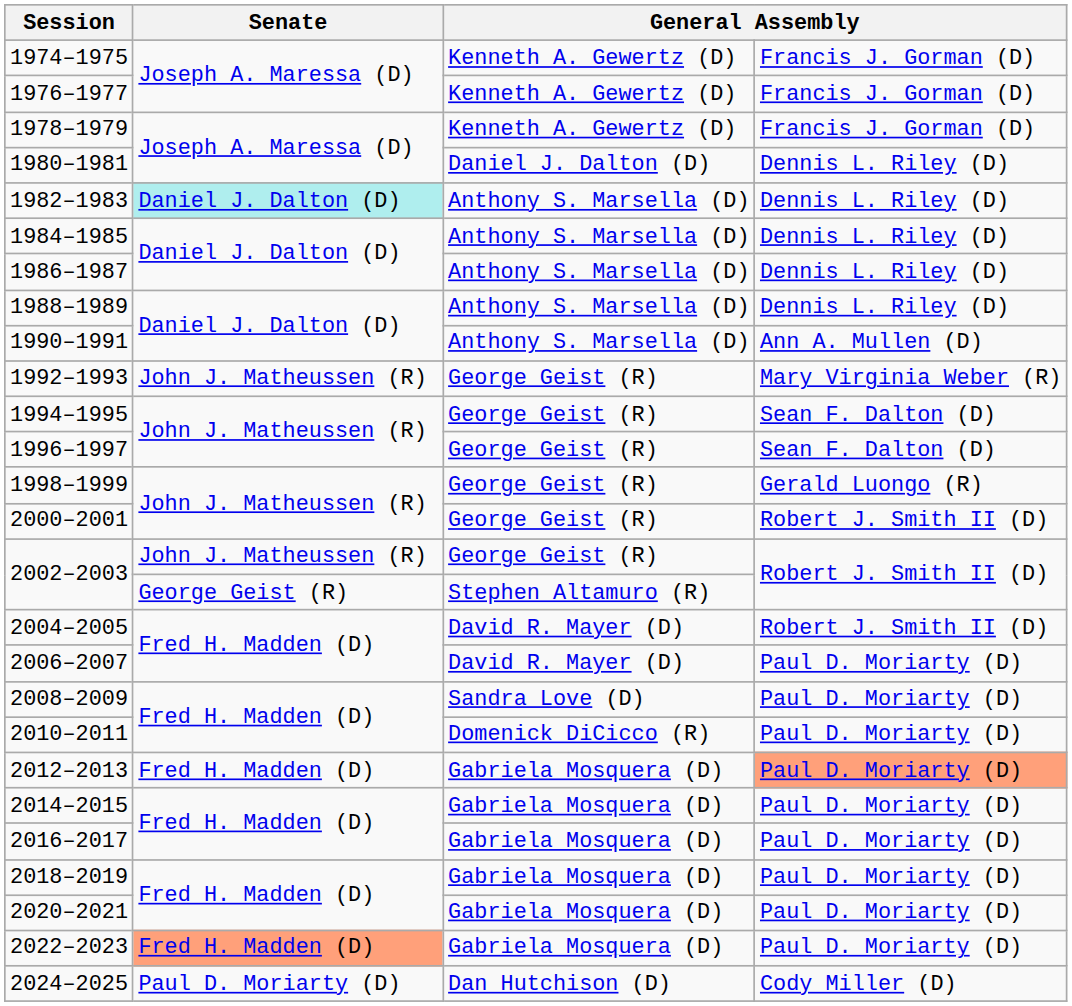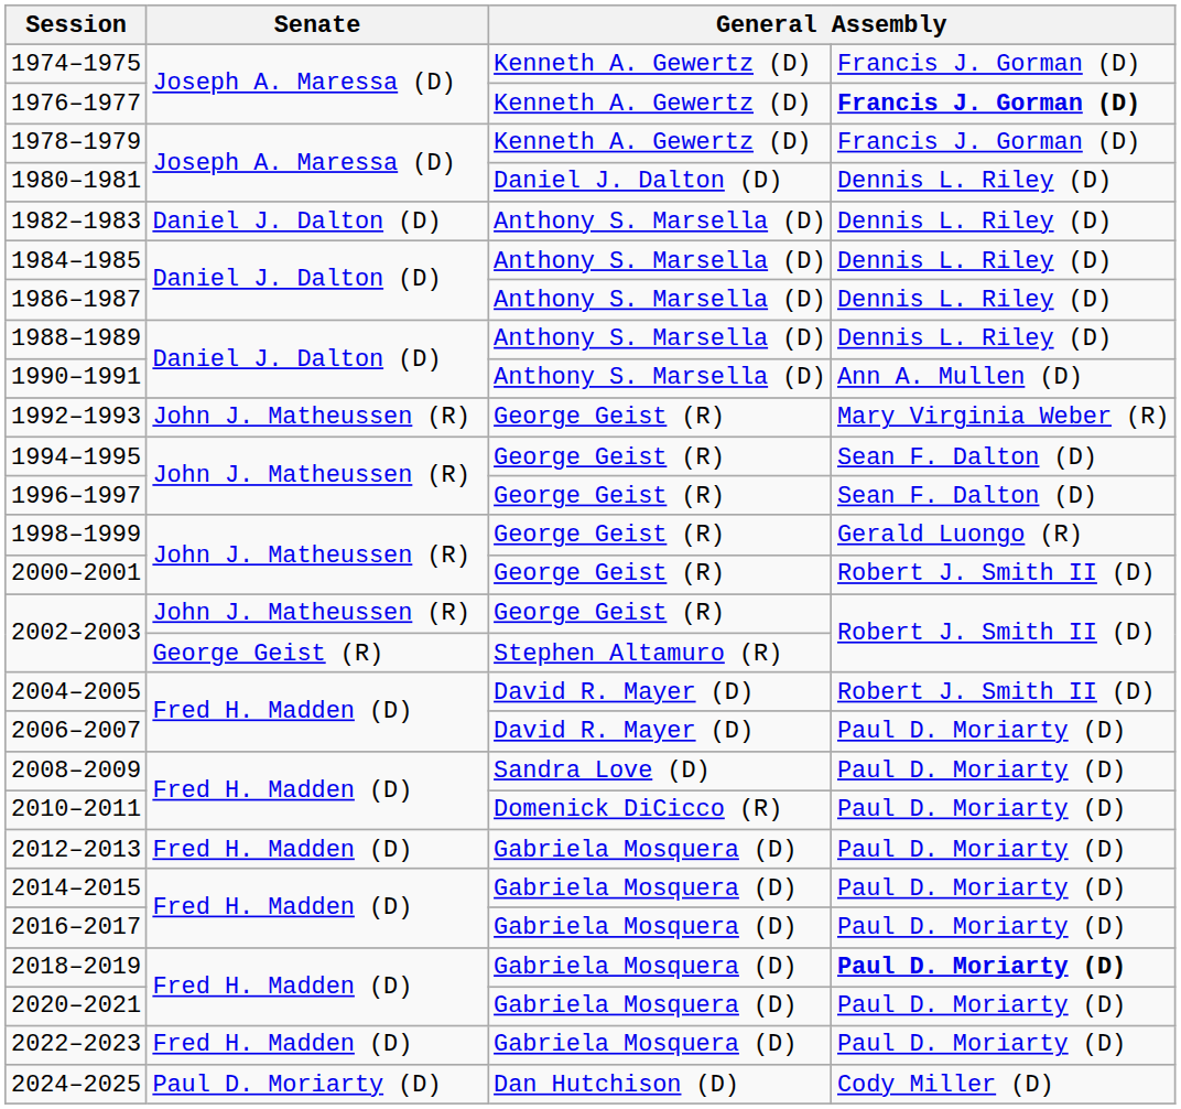 <table class="wikitable">
 <tr>
 <th>Session</th>
 <th>Senate</th>
 <th ! colspan=2>General Assembly</th>
 </tr>
 <tr>
 <td>1974–1975</td>
 <td rowspan=2 ><a href='#'>Joseph A. Maressa</a> (D)</td>
 <td><a href='#'>Kenneth A. Gewertz</a> (D)</td>
 <td><a href='#'>Francis J. Gorman</a> (D)</td>
 </tr>
 <tr>
 <td>1976–1977</td>
 <td><a href='#'>Kenneth A. Gewertz</a> (D)</td>
-<td><a href='#'>Francis J. Gorman</a> (D)</td>
+<td><strong><a href='#'>Francis J. Gorman</a> (D)</strong></td>
 </tr>
 <tr>
 <td>1978–1979</td>
 <td rowspan=2 ><a href='#'>Joseph A. Maressa</a> (D)</td>
 <td><a href='#'>Kenneth A. Gewertz</a> (D)</td>
 <td><a href='#'>Francis J. Gorman</a> (D)</td>
 </tr>
 <tr>
 <td>1980–1981</td>
 <td><a href='#'>Daniel J. Dalton</a> (D)</td>
 <td><a href='#'>Dennis L. Riley</a> (D)</td>
 </tr>
 <tr>
 <td>1982–1983</td>
-<td style="background: paleturquoise;"><a href='#'>Daniel J. Dalton</a> (D)</td>
+<td><a href='#'>Daniel J. Dalton</a> (D)</td>
 <td><a href='#'>Anthony S. Marsella</a> (D)</td>
 <td><a href='#'>Dennis L. Riley</a> (D)</td>
 </tr>
 <tr>
 <td>1984–1985</td>
 <td rowspan=2 ><a href='#'>Daniel J. Dalton</a> (D)</td>
 <td><a href='#'>Anthony S. Marsella</a> (D)</td>
 <td><a href='#'>Dennis L. Riley</a> (D)</td>
 </tr>
 <tr>
 <td>1986–1987</td>
 <td><a href='#'>Anthony S. Marsella</a> (D)</td>
 <td><a href='#'>Dennis L. Riley</a> (D)</td>
 </tr>
 <tr>
 <td>1988–1989</td>
 <td rowspan=2 ><a href='#'>Daniel J. Dalton</a> (D)</td>
 <td><a href='#'>Anthony S. Marsella</a> (D)</td>
 <td><a href='#'>Dennis L. Riley</a> (D)</td>
 </tr>
 <tr>
 <td>1990–1991</td>
 <td><a href='#'>Anthony S. Marsella</a> (D)</td>
 <td><a href='#'>Ann A. Mullen</a> (D)</td>
 </tr>
 <tr>
 <td>1992–1993</td>
 <td><a href='#'>John J. Matheussen</a> (R)</td>
 <td><a href='#'>George Geist</a> (R)</td>
 <td><a href='#'>Mary Virginia Weber</a> (R)</td>
 </tr>
 <tr>
 <td>1994–1995</td>
 <td rowspan=2 ><a href='#'>John J. Matheussen</a> (R)</td>
 <td><a href='#'>George Geist</a> (R)</td>
 <td><a href='#'>Sean F. Dalton</a> (D)</td>
 </tr>
 <tr>
 <td>1996–1997</td>
 <td><a href='#'>George Geist</a> (R)</td>
 <td><a href='#'>Sean F. Dalton</a> (D)</td>
 </tr>
 <tr>
 <td>1998–1999</td>
 <td rowspan=2 ><a href='#'>John J. Matheussen</a> (R)</td>
 <td><a href='#'>George Geist</a> (R)</td>
 <td><a href='#'>Gerald Luongo</a> (R)</td>
 </tr>
 <tr>
 <td>2000–2001</td>
 <td><a href='#'>George Geist</a> (R)</td>
 <td><a href='#'>Robert J. Smith II</a> (D)</td>
 </tr>
 <tr>
 <td rowspan=2>2002–2003</td>
 <td><a href='#'>John J. Matheussen</a> (R)<small> </small><br></td>
 <td><a href='#'>George Geist</a> (R)</td>
 <td rowspan=2 ><a href='#'>Robert J. Smith II</a> (D)</td>
 </tr>
 <tr>
 <td><a href='#'>George Geist</a> (R)</td>
 <td><a href='#'>Stephen Altamuro</a> (R)</td>
 </tr>
 <tr>
 <td>2004–2005</td>
 <td rowspan=2 ><a href='#'>Fred H. Madden</a> (D)</td>
 <td><a href='#'>David R. Mayer</a> (D)</td>
 <td><a href='#'>Robert J. Smith II</a> (D)</td>
 </tr>
 <tr>
 <td>2006–2007</td>
 <td><a href='#'>David R. Mayer</a> (D)</td>
 <td><a href='#'>Paul D. Moriarty</a> (D)</td>
 </tr>
 <tr>
 <td>2008–2009</td>
 <td rowspan=2 ><a href='#'>Fred H. Madden</a> (D)</td>
 <td><a href='#'>Sandra Love</a> (D)</td>
 <td><a href='#'>Paul D. Moriarty</a> (D)</td>
 </tr>
 <tr>
 <td>2010–2011</td>
 <td><a href='#'>Domenick DiCicco</a> (R)</td>
 <td><a href='#'>Paul D. Moriarty</a> (D)</td>
 </tr>
 <tr>
 <td>2012–2013</td>
 <td><a href='#'>Fred H. Madden</a> (D)</td>
 <td><a href='#'>Gabriela Mosquera</a> (D)</td>
-<td style="background: lightsalmon;"><a href='#'>Paul D. Moriarty</a> (D)</td>
+<td><a href='#'>Paul D. Moriarty</a> (D)</td>
 </tr>
 <tr>
 <td>2014–2015</td>
 <td rowspan=2 ><a href='#'>Fred H. Madden</a> (D)</td>
 <td><a href='#'>Gabriela Mosquera</a> (D)</td>
 <td><a href='#'>Paul D. Moriarty</a> (D)</td>
 </tr>
 <tr>
 <td>2016–2017</td>
 <td><a href='#'>Gabriela Mosquera</a> (D)</td>
 <td><a href='#'>Paul D. Moriarty</a> (D)</td>
 </tr>
 <tr>
 <td>2018–2019</td>
 <td rowspan=2 ><a href='#'>Fred H. Madden</a> (D)</td>
 <td><a href='#'>Gabriela Mosquera</a> (D)</td>
-<td><a href='#'>Paul D. Moriarty</a> (D)</td>
+<td><strong><a href='#'>Paul D. Moriarty</a> (D)</strong></td>
 </tr>
 <tr>
 <td>2020–2021</td>
 <td><a href='#'>Gabriela Mosquera</a> (D)</td>
 <td><a href='#'>Paul D. Moriarty</a> (D)</td>
 </tr>
 <tr>
 <td>2022–2023</td>
-<td style="background: lightsalmon;"><a href='#'>Fred H. Madden</a> (D)</td>
+<td><a href='#'>Fred H. Madden</a> (D)</td>
 <td><a href='#'>Gabriela Mosquera</a> (D)</td>
 <td><a href='#'>Paul D. Moriarty</a> (D)</td>
 </tr>
 <tr>
 <td>2024–2025</td>
 <td><a href='#'>Paul D. Moriarty</a> (D)</td>
 <td><a href='#'>Dan Hutchison</a> (D)</td>
 <td><a href='#'>Cody Miller</a> (D)</td>
 </tr>
 </table>
